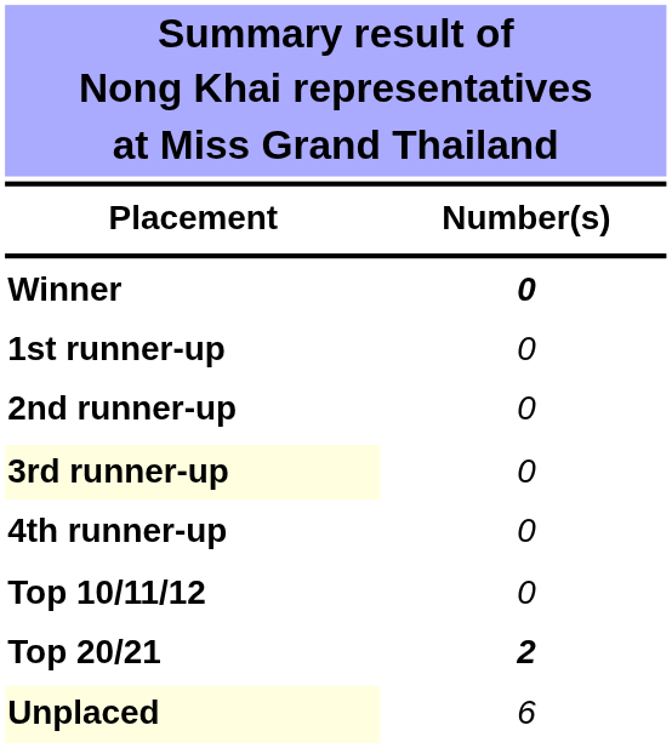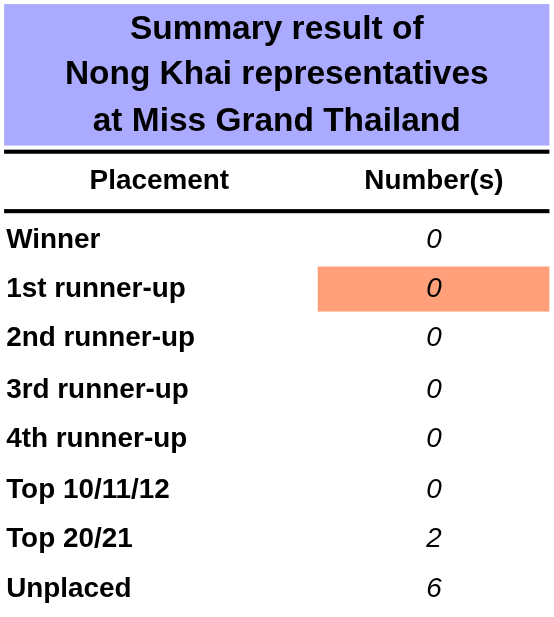 <table style="width: 270px; font-size:85%; line-height:1.5em;">
 <tr>
 <th colspan="2" align="center" style="background:#AAF;"><big>Summary result of<br>Nong Khai representatives<br>at Miss Grand Thailand</big></th>
 </tr>
 <tr>
 <td colspan="2" style="background:black"></td>
 </tr>
 <tr>
 <th scope="col">Placement</th>
 <th scope="col">Number(s)</th>
 </tr>
 <tr>
 <td colspan="2" style="background:black"></td>
 </tr>
 <tr>
 <td align="left"><strong>Winner</strong></td>
-<td align="center"><strong><em>0</em></strong></td>
+<td align="center"><em>0</em></td>
 </tr>
 <tr>
 <td align="left"><strong>1st runner-up</strong></td>
-<td align="center"><em>0</em></td>
+<td align="center" style="background: lightsalmon;"><em>0</em></td>
 </tr>
 <tr>
 <td align="left"><strong>2nd runner-up</strong></td>
 <td align="center"><em>0</em></td>
 </tr>
 <tr>
-<td align="left" style="background: lightyellow;"><strong>3rd runner-up</strong></td>
+<td align="left"><strong>3rd runner-up</strong></td>
 <td align="center"><em>0</em></td>
 </tr>
 <tr>
 <td align="left"><strong>4th runner-up</strong></td>
 <td align="center"><em>0</em></td>
 </tr>
 <tr>
 <td align="left"><strong>Top 10/11/12</strong></td>
 <td align="center"><em>0</em></td>
 </tr>
 <tr>
 <td align="left"><strong>Top 20/21</strong></td>
-<td align="center"><strong><em>2</em></strong></td>
+<td align="center"><em>2</em></td>
 </tr>
 <tr>
-<td align="left" style="background: lightyellow;"><strong>Unplaced</strong></td>
+<td align="left"><strong>Unplaced</strong></td>
 <td align="center"><em>6</em></td>
 </tr>
 </table>
